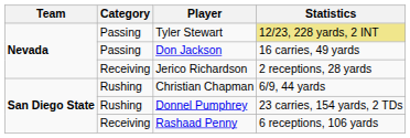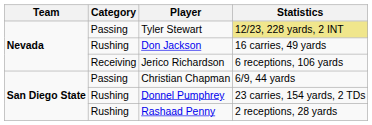 <table class="wikitable" style="float: left;">
 <tr>
 <th>Team</th>
 <th>Category</th>
 <th>Player</th>
 <th>Statistics</th>
 </tr>
 <tr>
 <td rowspan=3><strong>Nevada</strong></td>
 <td>Passing</td>
 <td>Tyler Stewart</td>
 <td style="background: khaki;">12/23, 228 yards, 2 INT</td>
 </tr>
 <tr>
-<td>Passing</td>
+<td>Rushing</td>
 <td><a href='#'>Don Jackson</a></td>
 <td>16 carries, 49 yards</td>
 </tr>
 <tr>
 <td>Receiving</td>
 <td>Jerico Richardson</td>
-<td>2 receptions, 28 yards</td>
+<td>6 receptions, 106 yards</td>
 </tr>
 <tr>
 <td rowspan=3><strong>San Diego State</strong></td>
-<td>Rushing</td>
+<td>Passing</td>
 <td>Christian Chapman</td>
 <td>6/9, 44 yards</td>
 </tr>
 <tr>
 <td>Rushing</td>
 <td><a href='#'>Donnel Pumphrey</a></td>
 <td>23 carries, 154 yards, 2 TDs</td>
 </tr>
 <tr>
-<td>Receiving</td>
+<td>Rushing</td>
 <td><a href='#'>Rashaad Penny</a></td>
-<td>6 receptions, 106 yards</td>
+<td>2 receptions, 28 yards</td>
 </tr>
 </table>
